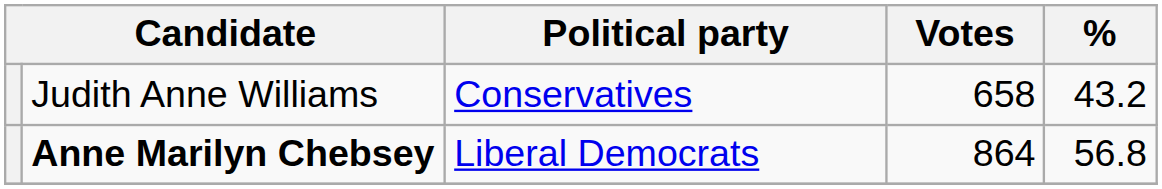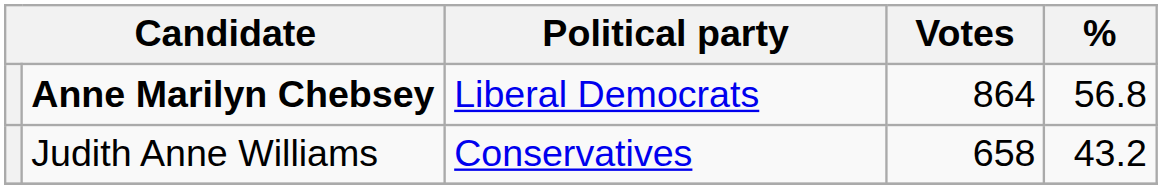 <table class="wikitable">
 <tr>
 <th valign=top colspan="2" style="width: 180px">Candidate</th>
 <th valign=top style="width: 180px">Political party</th>
 <th valign=top style="width: 60px">Votes</th>
 <th valign=top style="width: 40px">%</th>
 </tr>
 <tr>
 <th style="background-color: "></th>
+<td><strong>Anne Marilyn Chebsey</strong></td>
+<td><a href='#'>Liberal Democrats</a></td>
+<td align="right">864</td>
+<td align="right">56.8</td>
+</tr>
+<tr>
+<th style="background-color: "></th>
 <td>Judith Anne Williams</td>
 <td><a href='#'>Conservatives</a></td>
 <td align="right">658</td>
 <td align="right">43.2</td>
 </tr>
 <tr>
-<th style="background-color: "></th>
-<td><strong>Anne Marilyn Chebsey</strong></td>
-<td><a href='#'>Liberal Democrats</a></td>
-<td align="right">864</td>
-<td align="right">56.8</td>
-</tr>
-<tr>
 </tr>
 </table>
